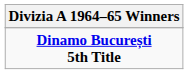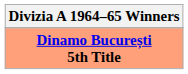 <table class="wikitable" style="text-align: center; margin: 0 auto;">
 <tr>
 <th>Divizia A 1964–65 Winners</th>
 </tr>
 <tr>
 </tr>
 <tr>
-<td><strong><a href='#'>Dinamo București</a></strong><br><strong>5th Title</strong></td>
+<td style="background: lightsalmon;"><strong><a href='#'>Dinamo București</a></strong><br><strong>5th Title</strong></td>
 </tr>
 </table>
